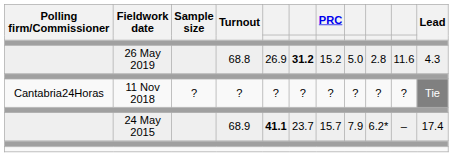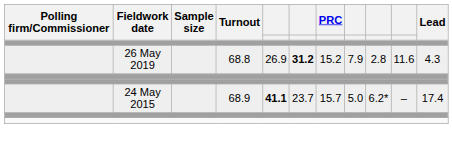 <table class="wikitable collapsible collapsed" style="text-align:center; font-size:95%; line-height:16px;">
 <tr style="height:42px;">
 <th style="width:250px;" rowspan="2">Polling firm/Commissioner</th>
 <th style="width:125px;" rowspan="2">Fieldwork date</th>
 <th style="width:50px;" rowspan="2">Sample size</th>
 <th style="width:45px;" rowspan="2">Turnout</th>
 <th style="width:35px;"></th>
 <th style="width:35px;"></th>
 <th style="width:35px;"><a href='#'>PRC</a></th>
 <th style="width:35px;"></th>
 <th style="width:35px;"></th>
 <th style="width:35px;"></th>
 <th style="width:30px;" rowspan="2">Lead</th>
 </tr>
 <tr>
 <th style="color:inherit;background:"></th>
 <th style="color:inherit;background:"></th>
 <th style="color:inherit;background:"></th>
 <th style="color:inherit;background:"></th>
 <th style="color:inherit;background:"></th>
 <th style="color:inherit;background:"></th>
 </tr>
 <tr>
 <td colspan="11" style="background:#A0A0A0"></td>
 </tr>
 <tr style="background:#EFEFEF;">
 <td><strong></strong></td>
 <td>26 May 2019</td>
 <td></td>
 <td>68.8</td>
 <td>26.9<br></td>
 <td><strong>31.2</strong><br></td>
 <td>15.2<br></td>
-<td>5.0<br></td>
+<td>7.9<br></td>
 <td>2.8<br></td>
 <td>11.6<br></td>
 <td style="background:">4.3</td>
 </tr>
 <tr>
 <td colspan="11" style="background:#A0A0A0"></td>
-</tr>
-<tr>
-<td>Cantabria24Horas</td>
-<td>11 Nov 2018</td>
-<td>?</td>
-<td>?</td>
-<td>?<br></td>
-<td>?<br></td>
-<td>?<br></td>
-<td>?<br></td>
-<td>?<br></td>
-<td>?<br></td>
-<td style="background:gray;color:white;">Tie</td>
 </tr>
 <tr>
 <td colspan="11" style="background:#A0A0A0"></td>
 </tr>
 <tr style="background:#EFEFEF;">
 <td><strong></strong></td>
 <td>24 May 2015</td>
 <td></td>
 <td>68.9</td>
 <td><strong>41.1</strong><br></td>
 <td>23.7<br></td>
 <td>15.7<br></td>
-<td>7.9<br></td>
+<td>5.0<br></td>
 <td>6.2*<br></td>
 <td>–</td>
 <td style="background:">17.4</td>
 </tr>
 <tr>
 <td colspan="11" style="background:#A0A0A0"></td>
 </tr>
 <tr>
 <td align="left" colspan="11"></td>
 </tr>
 </table>
